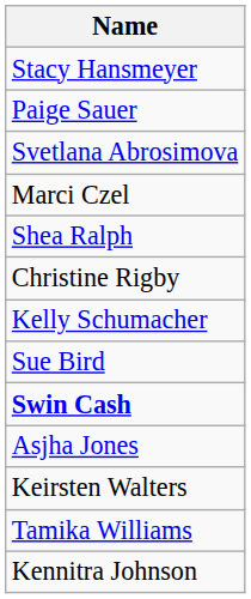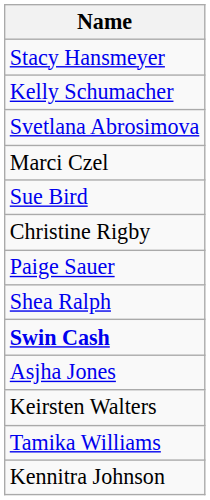 <table class="wikitable">
 <tr>
 <th>Name</th>
 </tr>
 <tr>
 <td><a href='#'>Stacy Hansmeyer</a></td>
 </tr>
 <tr>
-<td><a href='#'>Paige Sauer</a></td>
+<td><a href='#'>Kelly Schumacher</a></td>
 </tr>
 <tr>
 <td><a href='#'>Svetlana Abrosimova</a></td>
 </tr>
 <tr>
 <td>Marci Czel</td>
 </tr>
 <tr>
-<td><a href='#'>Shea Ralph</a></td>
+<td><a href='#'>Sue Bird</a></td>
 </tr>
 <tr>
 <td>Christine Rigby</td>
 </tr>
 <tr>
-<td><a href='#'>Kelly Schumacher</a></td>
+<td><a href='#'>Paige Sauer</a></td>
 </tr>
 <tr>
-<td><a href='#'>Sue Bird</a></td>
+<td><a href='#'>Shea Ralph</a></td>
 </tr>
 <tr>
 <td><strong><a href='#'>Swin Cash</a></strong></td>
 </tr>
 <tr>
 <td><a href='#'>Asjha Jones</a></td>
 </tr>
 <tr>
 <td>Keirsten Walters</td>
 </tr>
 <tr>
 <td><a href='#'>Tamika Williams</a></td>
 </tr>
 <tr>
 <td>Kennitra Johnson</td>
 </tr>
 </table>
